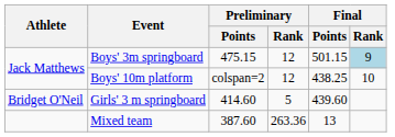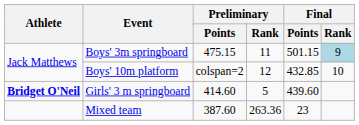 <table class="wikitable" style="text-align:center;font-size:90%">
 <tr>
 <th rowspan=2>Athlete</th>
 <th rowspan=2>Event</th>
 <th colspan=2>Preliminary</th>
 <th colspan=2>Final</th>
 </tr>
 <tr>
 <th>Points</th>
 <th>Rank</th>
 <th>Points</th>
 <th>Rank</th>
 </tr>
 <tr>
 <td Rowspan=2 align=left><a href='#'>Jack Matthews</a></td>
 <td align=left><a href='#'>Boys' 3m springboard</a></td>
 <td>475.15</td>
-<td>12</td>
+<td>11</td>
 <td>501.15</td>
 <td style="background: lightblue;">9</td>
 </tr>
 <tr>
 <td align=left><a href='#'>Boys' 10m platform</a></td>
 <td>colspan=2 </td>
 <td>12</td>
-<td>438.25</td>
+<td>432.85</td>
 <td>10</td>
 </tr>
 <tr>
-<td align=left><a href='#'>Bridget O'Neil</a></td>
+<td align=left><strong><a href='#'>Bridget O'Neil</a></strong></td>
 <td align=left><a href='#'>Girls' 3 m springboard</a></td>
 <td>414.60</td>
 <td>5</td>
 <td>439.60</td>
 <td></td>
 </tr>
 <tr>
 <td><br></td>
 <td align=left><a href='#'>Mixed team</a></td>
 <td>387.60</td>
 <td>263.36</td>
-<td>13</td>
+<td>23</td>
 </tr>
 </table>
